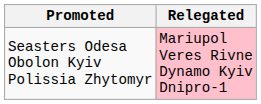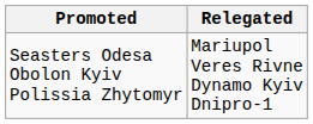 <table class="wikitable">
 <tr>
 <th>Promoted</th>
 <th>Relegated</th>
 </tr>
 <tr>
 <td>Seasters Odesa<br>Obolon Kyiv<br>Polissia Zhytomyr</td>
-<td style="background: pink;">Mariupol<br>Veres Rivne<br>Dynamo Kyiv <br>Dnipro-1 </td>
+<td>Mariupol<br>Veres Rivne<br>Dynamo Kyiv <br>Dnipro-1 </td>
 </tr>
 </table>
